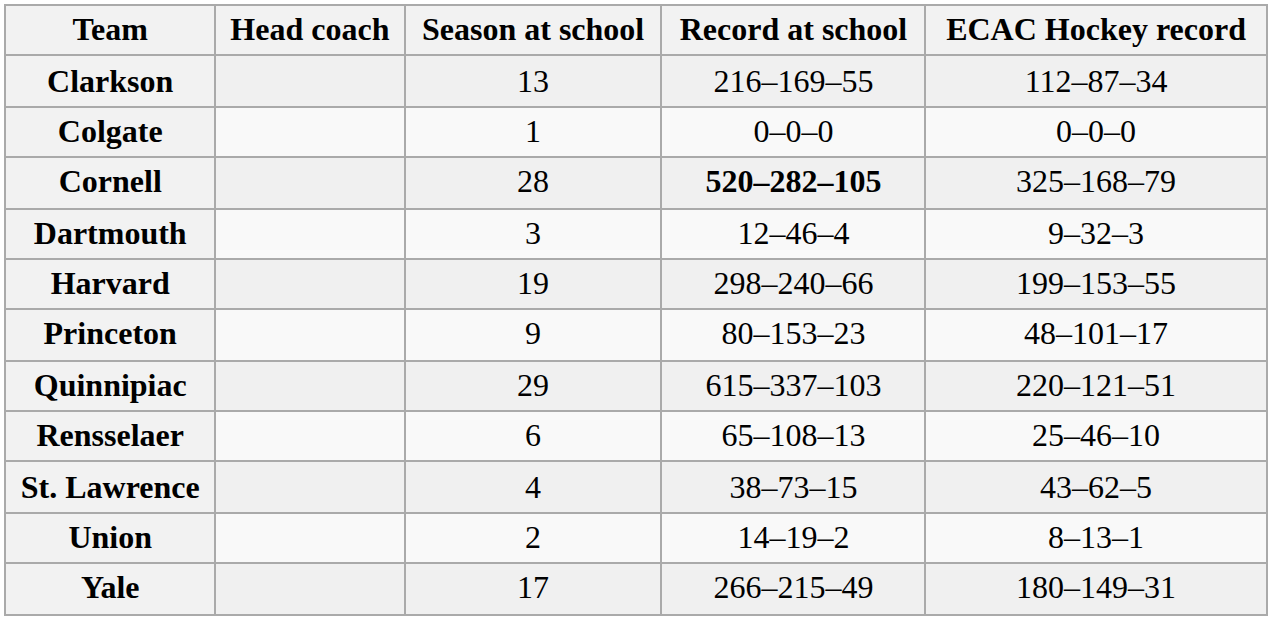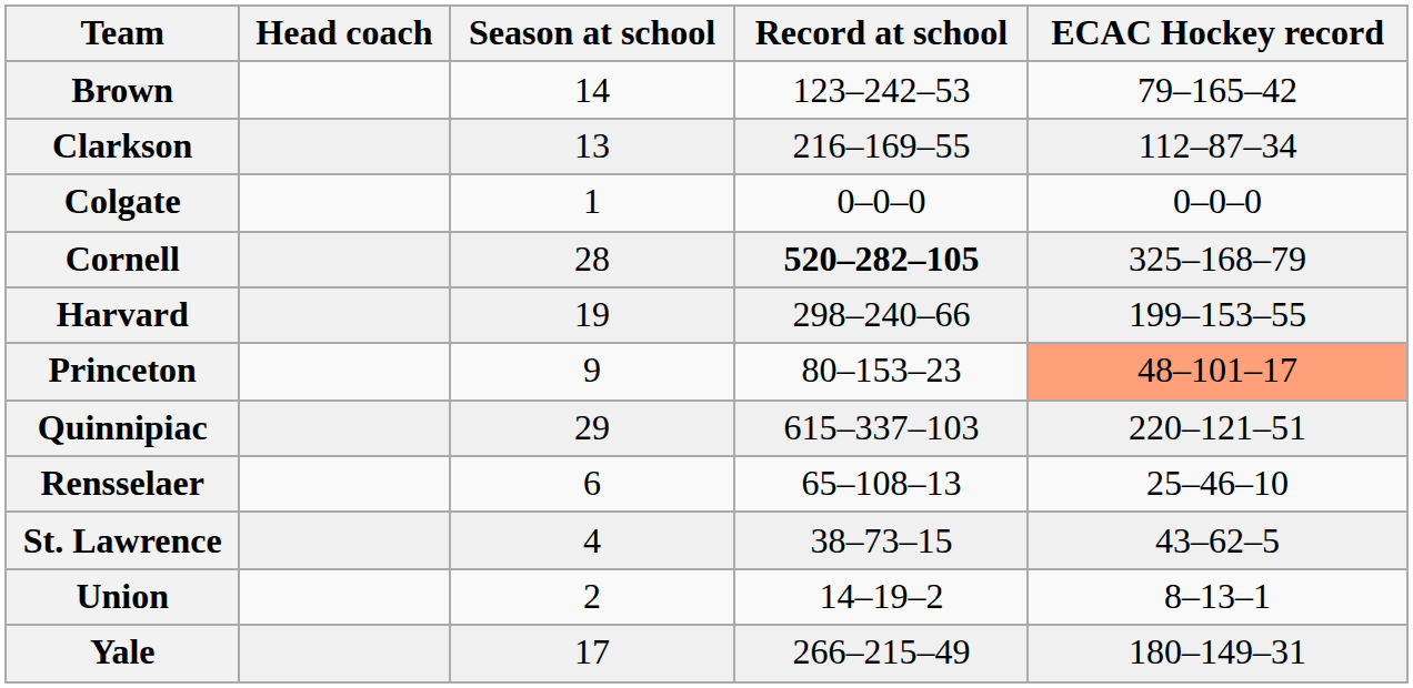 <table class="wikitable sortable" style="text-align: center; "width=50%">
 <tr>
 <th>Team</th>
 <th>Head coach</th>
 <th>Season at school</th>
 <th>Record at school</th>
 <th>ECAC Hockey record</th>
+</tr>
+<tr>
+<th>Brown</th>
+<td></td>
+<td>14</td>
+<td>123–242–53</td>
+<td>79–165–42</td>
 </tr>
 <tr bgcolor=f0f0f0>
 <th>Clarkson</th>
 <td></td>
 <td>13</td>
 <td>216–169–55</td>
 <td>112–87–34</td>
 </tr>
 <tr>
 <th>Colgate</th>
 <td></td>
 <td>1</td>
 <td>0–0–0</td>
 <td>0–0–0</td>
 </tr>
 <tr bgcolor=f0f0f0>
 <th>Cornell</th>
 <td></td>
 <td>28</td>
 <td><strong>520–282–105</strong></td>
 <td>325–168–79</td>
 </tr>
-<tr>
-<th>Dartmouth</th>
-<td></td>
-<td>3</td>
-<td>12–46–4</td>
-<td>9–32–3</td>
-</tr>
 <tr bgcolor=f0f0f0>
 <th>Harvard</th>
 <td></td>
 <td>19</td>
 <td>298–240–66</td>
 <td>199–153–55</td>
 </tr>
 <tr>
 <th>Princeton</th>
 <td></td>
 <td>9</td>
 <td>80–153–23</td>
-<td>48–101–17</td>
+<td style="background: lightsalmon;">48–101–17</td>
 </tr>
 <tr bgcolor=f0f0f0>
 <th>Quinnipiac</th>
 <td></td>
 <td>29</td>
 <td>615–337–103</td>
 <td>220–121–51</td>
 </tr>
 <tr>
 <th>Rensselaer</th>
 <td></td>
 <td>6</td>
 <td>65–108–13</td>
 <td>25–46–10</td>
 </tr>
 <tr bgcolor=f0f0f0>
 <th>St. Lawrence</th>
 <td></td>
 <td>4</td>
 <td>38–73–15</td>
 <td>43–62–5</td>
 </tr>
 <tr>
 <th>Union</th>
 <td></td>
 <td>2</td>
 <td>14–19–2</td>
 <td>8–13–1</td>
 </tr>
 <tr bgcolor=f0f0f0>
 <th>Yale</th>
 <td></td>
 <td>17</td>
 <td>266–215–49</td>
 <td>180–149–31</td>
 </tr>
 <tr>
 </tr>
 </table>
